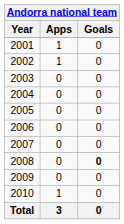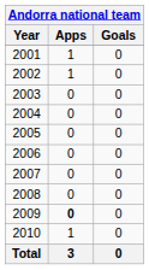 <table class="wikitable" style="text-align:center">
 <tr>
 <th colspan=3><a href='#'>Andorra national team</a></th>
 </tr>
 <tr>
 <th>Year</th>
 <th>Apps</th>
 <th>Goals</th>
 </tr>
 <tr>
 </tr>
 <tr>
 <td>2001</td>
 <td>1</td>
 <td>0</td>
 </tr>
 <tr>
 <td>2002</td>
 <td>1</td>
 <td>0</td>
 </tr>
 <tr>
 <td>2003</td>
 <td>0</td>
 <td>0</td>
 </tr>
 <tr>
 <td>2004</td>
 <td>0</td>
 <td>0</td>
 </tr>
 <tr>
 <td>2005</td>
 <td>0</td>
 <td>0</td>
 </tr>
 <tr>
 <td>2006</td>
 <td>0</td>
 <td>0</td>
 </tr>
 <tr>
 <td>2007</td>
 <td>0</td>
 <td>0</td>
 </tr>
 <tr>
 <td>2008</td>
 <td>0</td>
-<td><strong>0</strong></td>
+<td>0</td>
 </tr>
 <tr>
 <td>2009</td>
-<td>0</td>
+<td><strong>0</strong></td>
 <td>0</td>
 </tr>
 <tr>
 <td>2010</td>
 <td>1</td>
 <td>0</td>
 </tr>
 <tr>
 <th>Total</th>
 <th>3</th>
 <th>0</th>
 </tr>
 </table>
